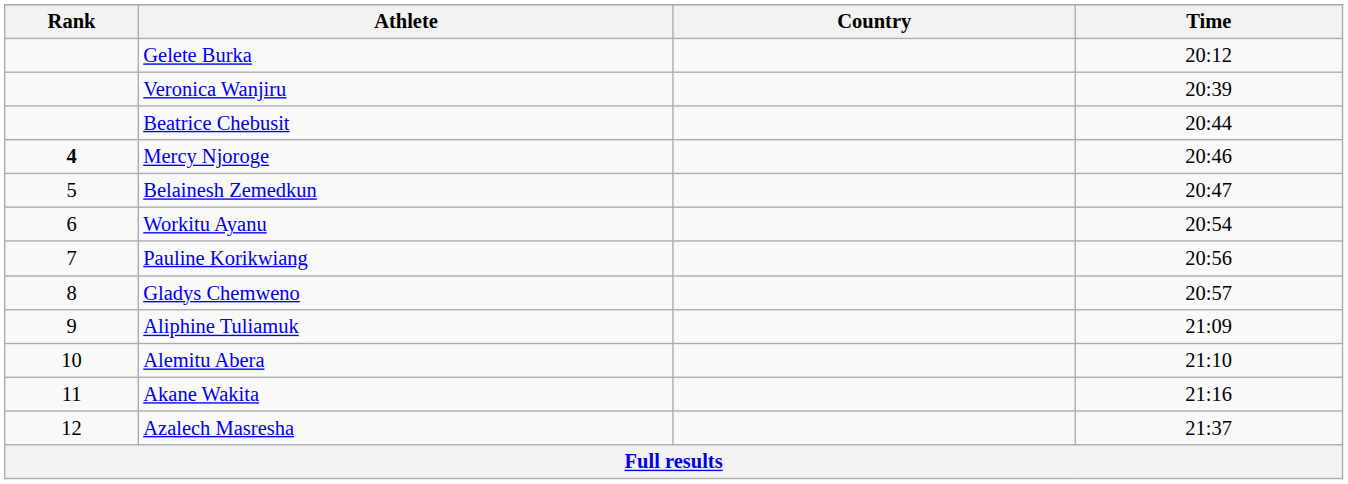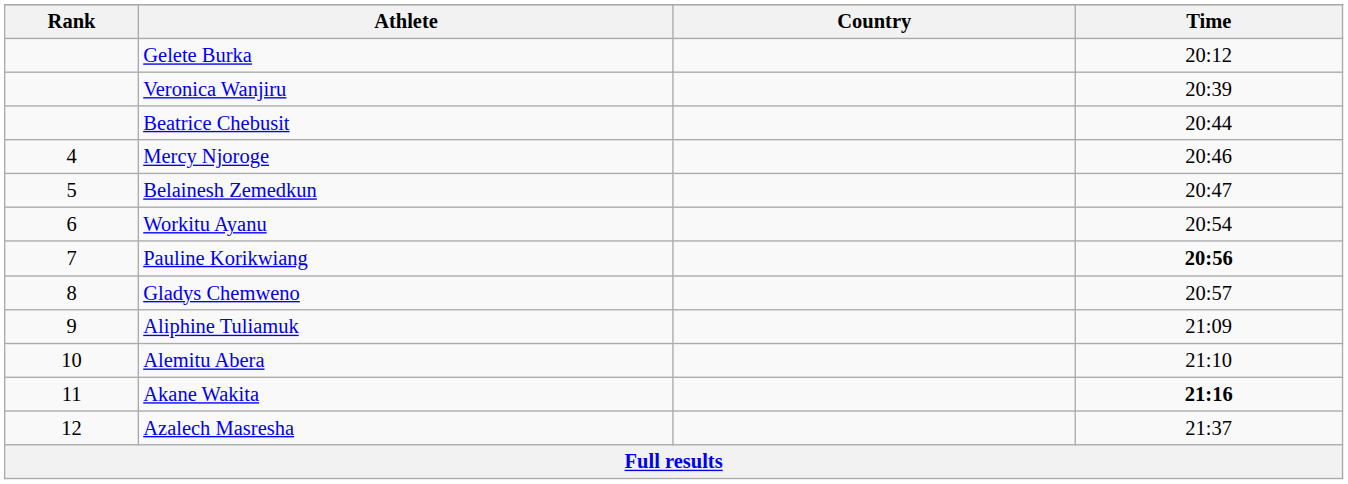 <table class="wikitable sortable" style=" text-align:center; font-size:95%;" width="50%">
 <tr>
 </tr>
 <tr>
 <th width=5%>Rank</th>
 <th width=20%>Athlete</th>
 <th width=15%>Country</th>
 <th width=10%>Time</th>
 </tr>
 <tr>
 <td align=center></td>
 <td align=left><a href='#'>Gelete Burka</a></td>
 <td align=left></td>
 <td>20:12</td>
 </tr>
 <tr>
 <td align=center></td>
 <td align=left><a href='#'>Veronica Wanjiru</a></td>
 <td align=left></td>
 <td>20:39</td>
 </tr>
 <tr>
 <td align=center></td>
 <td align=left><a href='#'>Beatrice Chebusit</a></td>
 <td align=left></td>
 <td>20:44</td>
 </tr>
 <tr>
-<td align=center><strong>4</strong></td>
+<td align=center>4</td>
 <td align=left><a href='#'>Mercy Njoroge</a></td>
 <td align=left></td>
 <td>20:46</td>
 </tr>
 <tr>
 <td align=center>5</td>
 <td align=left><a href='#'>Belainesh Zemedkun</a></td>
 <td align=left></td>
 <td>20:47</td>
 </tr>
 <tr>
 <td align=center>6</td>
 <td align=left><a href='#'>Workitu Ayanu</a></td>
 <td align=left></td>
 <td>20:54</td>
 </tr>
 <tr>
 <td align=center>7</td>
 <td align=left><a href='#'>Pauline Korikwiang</a></td>
 <td align=left></td>
-<td>20:56</td>
+<td><strong>20:56</strong></td>
 </tr>
 <tr>
 <td align=center>8</td>
 <td align=left><a href='#'>Gladys Chemweno</a></td>
 <td align=left></td>
 <td>20:57</td>
 </tr>
 <tr>
 <td align=center>9</td>
 <td align=left><a href='#'>Aliphine Tuliamuk</a></td>
 <td align=left></td>
 <td>21:09</td>
 </tr>
 <tr>
 <td align=center>10</td>
 <td align=left><a href='#'>Alemitu Abera</a></td>
 <td align=left></td>
 <td>21:10</td>
 </tr>
 <tr>
 <td align=center>11</td>
 <td align=left><a href='#'>Akane Wakita</a></td>
 <td align=left></td>
-<td>21:16</td>
+<td><strong>21:16</strong></td>
 </tr>
 <tr>
 <td align=center>12</td>
 <td align=left><a href='#'>Azalech Masresha</a></td>
 <td align=left></td>
 <td>21:37</td>
 </tr>
 <tr class="sortbottom">
 <th colspan=4 align=center><a href='#'>Full results</a></th>
 </tr>
 </table>
